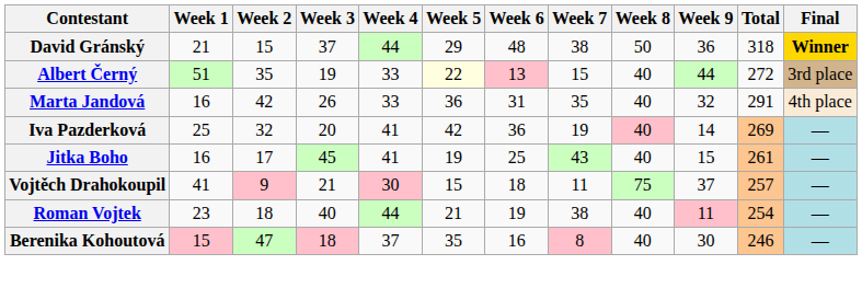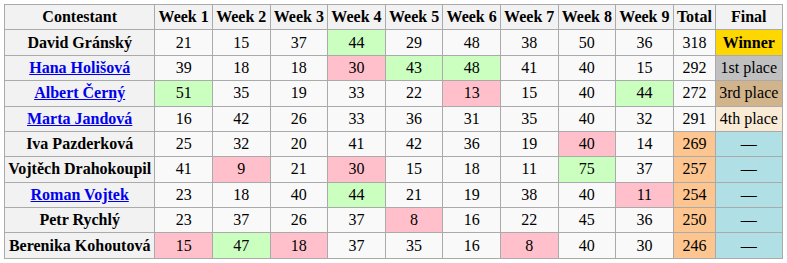 <table class="wikitable sortable" style="text-align:center">
 <tr>
 <th>Contestant</th>
 <th>Week 1</th>
 <th>Week 2</th>
 <th>Week 3</th>
 <th>Week 4</th>
 <th>Week 5</th>
 <th>Week 6</th>
 <th>Week 7</th>
 <th>Week 8</th>
 <th>Week 9</th>
 <th>Total</th>
 <th>Final</th>
 </tr>
 <tr>
 <th>David Gránský</th>
 <td>21</td>
 <td>15</td>
 <td>37</td>
 <td style="background:#cbffc0">44</td>
 <td>29</td>
 <td data-sort-value=a>48</td>
 <td>38</td>
 <td>50</td>
 <td>36</td>
 <td>318</td>
 <td style="background:gold;"><strong>Winner</strong></td>
 </tr>
 <tr>
+<th><a href='#'>Hana Holišová</a></th>
+<td>39</td>
+<td>18</td>
+<td>18</td>
+<td style="background:pink">30</td>
+<td style="background:#cbffc0">43</td>
+<td data-sort-value=b; style="background:#cbffc0">48</td>
+<td>41</td>
+<td>40</td>
+<td>15</td>
+<td>292</td>
+<td style="background:silver;">1st place</td>
+</tr>
+<tr>
 <th><a href='#'>Albert Černý</a></th>
 <td style="background:#cbffc0">51</td>
 <td>35</td>
 <td>19</td>
 <td>33</td>
-<td style="background: lightyellow;">22</td>
+<td>22</td>
 <td style="background:pink">13</td>
 <td>15</td>
 <td>40</td>
 <td style="background:#cbffc0">44</td>
 <td>272</td>
 <td bgcolor=tan>3rd place</td>
 </tr>
 <tr>
 <th><a href='#'>Marta Jandová</a></th>
 <td>16</td>
 <td>42</td>
 <td>26</td>
 <td>33</td>
 <td>36</td>
 <td>31</td>
 <td>35</td>
 <td>40</td>
 <td>32</td>
 <td>291</td>
 <td style="background:antiquewhite;">4th place</td>
 </tr>
 <tr>
 <th>Iva Pazderková</th>
 <td>25</td>
 <td>32</td>
 <td>20</td>
 <td>41</td>
 <td>42</td>
 <td>36</td>
 <td>19</td>
 <td data-sort-value=1; style="background:pink">40</td>
 <td>14</td>
 <td style="background:#fdc58f;">269</td>
 <td style="background:#b0e0e6;">—</td>
 </tr>
 <tr>
-<th><a href='#'>Jitka Boho</a></th>
-<td>16</td>
-<td>17</td>
-<td style="background:#cbffc0">45</td>
-<td>41</td>
-<td>19</td>
-<td>25</td>
-<td style="background:#cbffc0">43</td>
-<td>40</td>
-<td>15</td>
-<td style="background:#fdc58f;">261</td>
-<td style="background:#b0e0e6;">—</td>
-</tr>
-<tr>
 <th>Vojtěch Drahokoupil</th>
 <td>41</td>
 <td style="background:pink">9</td>
 <td>21</td>
 <td style="background:pink">30</td>
 <td>15</td>
 <td>18</td>
 <td>11</td>
 <td style="background:#cbffc0">75</td>
 <td>37</td>
 <td style="background:#fdc58f;">257</td>
 <td style="background:#b0e0e6;">—</td>
 </tr>
 <tr>
 <th><a href='#'>Roman Vojtek</a></th>
 <td>23</td>
 <td>18</td>
 <td>40</td>
 <td style="background:#cbffc0">44</td>
 <td>21</td>
 <td>19</td>
 <td>38</td>
 <td>40</td>
 <td style="background:pink">11</td>
 <td style="background:#fdc58f;">254</td>
 <td style="background:#b0e0e6;">—</td>
 </tr>
 <tr>
+<th>Petr Rychlý</th>
+<td>23</td>
+<td>37</td>
+<td>26</td>
+<td>37</td>
+<td style="background:pink">8</td>
+<td>16</td>
+<td>22</td>
+<td>45</td>
+<td>36</td>
+<td style="background:#fdc58f;">250</td>
+<td style="background:#b0e0e6;">—</td>
+</tr>
+<tr>
 <th>Berenika Kohoutová</th>
 <td style="background:pink">15</td>
 <td style="background:#cbffc0">47</td>
 <td data-sort-value=1; style="background:pink">18</td>
 <td>37</td>
 <td>35</td>
 <td>16</td>
 <td style="background:pink">8</td>
 <td>40</td>
 <td>30</td>
 <td style="background:#fdc58f;">246</td>
 <td style="background:#b0e0e6;">—</td>
 </tr>
 </table>
